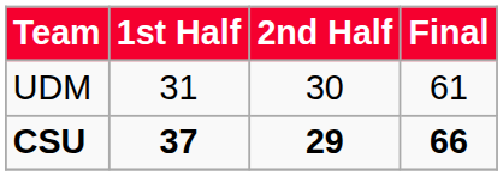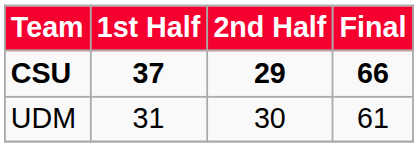 <table class="wikitable" align=right>
 <tr style="background: #F5002F; color: #FFFFFF">
 <td><strong>Team</strong></td>
 <td><strong>1st Half</strong></td>
 <td><strong>2nd Half</strong></td>
 <td><strong>Final</strong></td>
 </tr>
 <tr>
+<td><strong>CSU</strong></td>
+<td align=center><strong>37</strong></td>
+<td align=center><strong>29</strong></td>
+<td align=center><strong>66</strong></td>
+</tr>
+<tr>
 <td>UDM</td>
 <td align=center>31</td>
 <td align=center>30</td>
 <td align=center>61</td>
 </tr>
 <tr>
-<td><strong>CSU</strong></td>
-<td align=center><strong>37</strong></td>
-<td align=center><strong>29</strong></td>
-<td align=center><strong>66</strong></td>
-</tr>
-<tr>
 </tr>
 </table>
